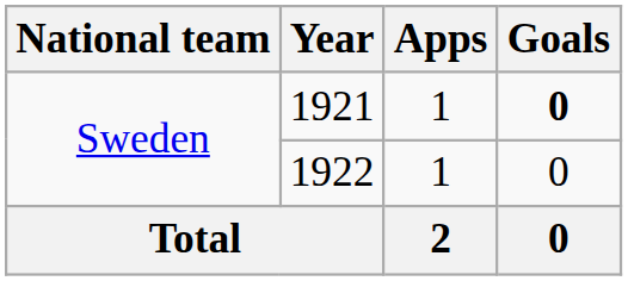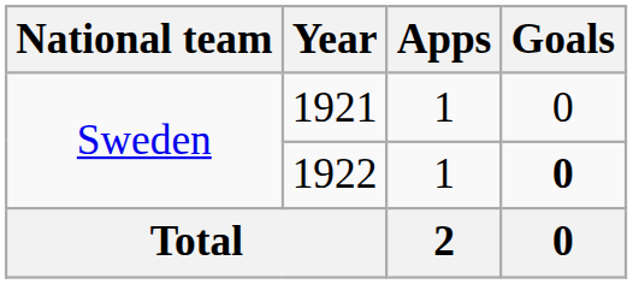 <table class=wikitable style=text-align:center>
 <tr>
 <th>National team</th>
 <th>Year</th>
 <th>Apps</th>
 <th>Goals</th>
 </tr>
 <tr>
 <td rowspan="2"><a href='#'>Sweden</a></td>
 <td>1921</td>
 <td>1</td>
-<td><strong>0</strong></td>
+<td>0</td>
 </tr>
 <tr>
 <td>1922</td>
 <td>1</td>
-<td>0</td>
+<td><strong>0</strong></td>
 </tr>
 <tr>
 <th colspan="2">Total</th>
 <th>2</th>
 <th>0</th>
 </tr>
 </table>
